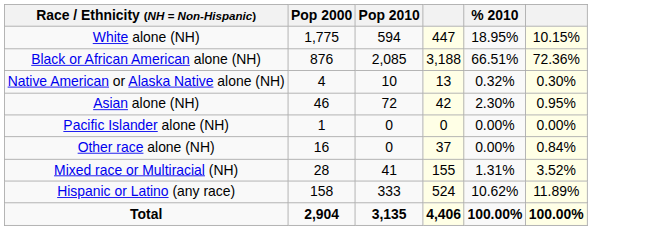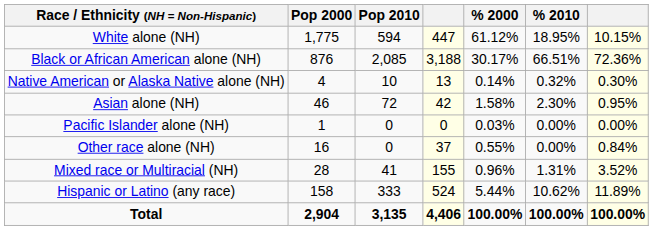 <table class="wikitable" style="text-align:center;">
 <tr>
 <th>Race / Ethnicity <small>(<em>NH = Non-Hispanic</em>)</small></th>
 <th>Pop 2000</th>
 <th>Pop 2010</th>
 <th></th>
+<th>% 2000</th>
 <th>% 2010</th>
 <th></th>
 </tr>
 <tr>
 <td><a href='#'>White</a> alone (NH)</td>
 <td>1,775</td>
 <td>594</td>
 <td style='background: #ffffe6;'>447</td>
+<td>61.12%</td>
 <td>18.95%</td>
 <td style='background: #ffffe6;'>10.15%</td>
 </tr>
 <tr>
 <td><a href='#'>Black or African American</a> alone (NH)</td>
 <td>876</td>
 <td>2,085</td>
 <td style='background: #ffffe6;'>3,188</td>
+<td>30.17%</td>
 <td>66.51%</td>
 <td style='background: #ffffe6;'>72.36%</td>
 </tr>
 <tr>
 <td><a href='#'>Native American</a> or <a href='#'>Alaska Native</a> alone (NH)</td>
 <td>4</td>
 <td>10</td>
 <td style='background: #ffffe6;'>13</td>
+<td>0.14%</td>
 <td>0.32%</td>
 <td style='background: #ffffe6;'>0.30%</td>
 </tr>
 <tr>
 <td><a href='#'>Asian</a> alone (NH)</td>
 <td>46</td>
 <td>72</td>
 <td style='background: #ffffe6;'>42</td>
+<td>1.58%</td>
 <td>2.30%</td>
 <td style='background: #ffffe6;'>0.95%</td>
 </tr>
 <tr>
 <td><a href='#'>Pacific Islander</a> alone (NH)</td>
 <td>1</td>
 <td>0</td>
 <td style='background: #ffffe6;'>0</td>
+<td>0.03%</td>
 <td>0.00%</td>
 <td style='background: #ffffe6;'>0.00%</td>
 </tr>
 <tr>
 <td><a href='#'>Other race</a> alone (NH)</td>
 <td>16</td>
 <td>0</td>
 <td style='background: #ffffe6;'>37</td>
+<td>0.55%</td>
 <td>0.00%</td>
 <td style='background: #ffffe6;'>0.84%</td>
 </tr>
 <tr>
 <td><a href='#'>Mixed race or Multiracial</a> (NH)</td>
 <td>28</td>
 <td>41</td>
 <td style='background: #ffffe6;'>155</td>
+<td>0.96%</td>
 <td>1.31%</td>
 <td style='background: #ffffe6;'>3.52%</td>
 </tr>
 <tr>
 <td><a href='#'>Hispanic or Latino</a> (any race)</td>
 <td>158</td>
 <td>333</td>
 <td style='background: #ffffe6;'>524</td>
+<td>5.44%</td>
 <td>10.62%</td>
 <td style='background: #ffffe6;'>11.89%</td>
 </tr>
 <tr>
 <td><strong>Total</strong></td>
 <td><strong>2,904</strong></td>
 <td><strong>3,135</strong></td>
 <td style='background: #ffffe6;'><strong>4,406</strong></td>
 <td><strong>100.00%</strong></td>
+<td><strong>100.00%</strong></td>
 <td style='background: #ffffe6;'><strong>100.00%</strong></td>
 </tr>
 </table>
